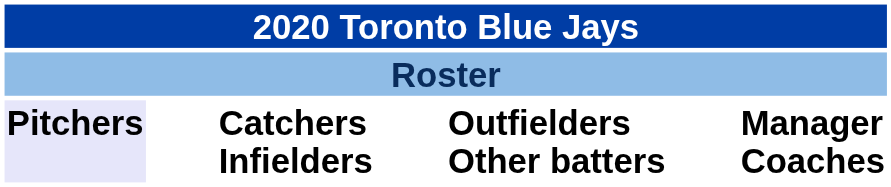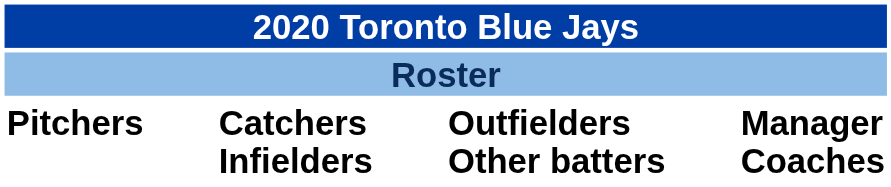 <table class="toccolours" style="font-size: 95%;">
 <tr http://upload.wikimedia.org/wikipedia/en/c/c8/Button_redirect.png>
 <th colspan="10" style="background-color: #003DA5; color: #FFFFFF; text-align: center;">2020 Toronto Blue Jays</th>
 </tr>
 <tr>
 <td colspan="10" style="background-color: #8FBCE6; color: #092C5C; text-align: center;"><strong>Roster</strong></td>
 </tr>
 <tr>
-<td valign="top" style="background: lavender;"><strong>Pitchers</strong><br>                           </td>
+<td valign="top"><strong>Pitchers</strong><br>                           </td>
 <td style="width:25px;"></td>
 <td valign="top"><strong>Catchers</strong><br>    <strong>Infielders</strong>         </td>
 <td style="width:25px;"></td>
 <td valign="top"><strong>Outfielders</strong><br>       <strong>Other batters</strong> </td>
 <td style="width:25px;"></td>
 <td valign="top"><strong>Manager</strong><br> <strong>Coaches</strong>                      </td>
 </tr>
 </table>
